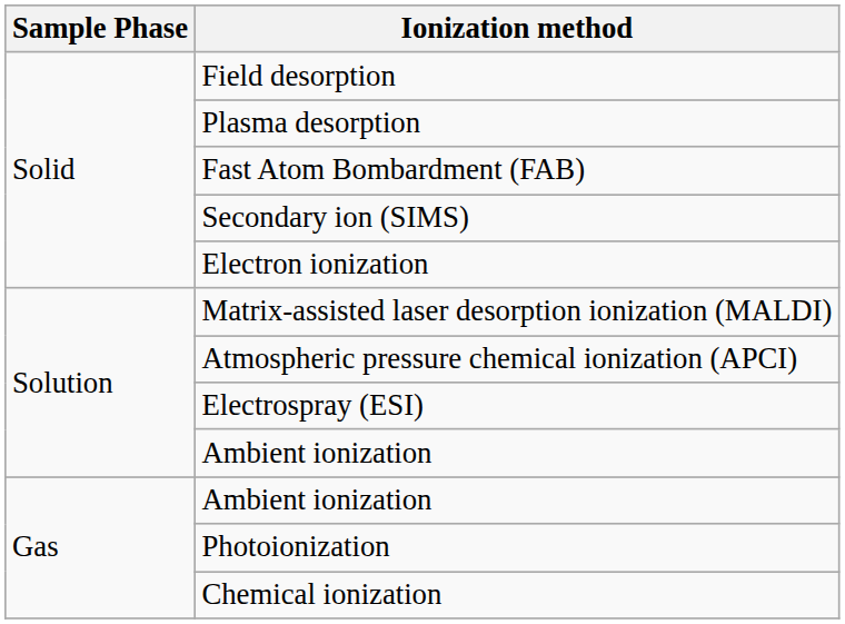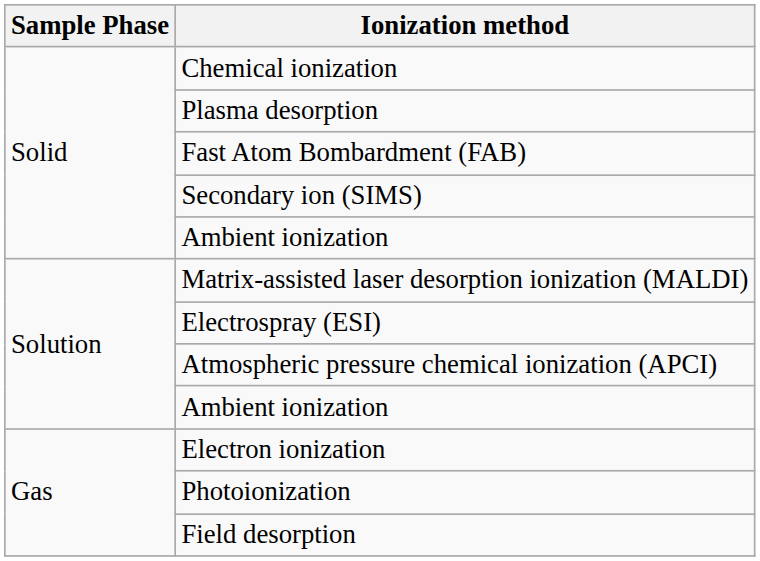 <table class="wikitable floatright">
 <tr>
 <th>Sample Phase</th>
 <th>Ionization method</th>
 </tr>
 <tr>
 <td rowspan=5>Solid</td>
-<td>Field desorption</td>
+<td>Chemical ionization</td>
 </tr>
 <tr>
 <td>Plasma desorption</td>
 </tr>
 <tr>
 <td>Fast Atom Bombardment (FAB)</td>
 </tr>
 <tr>
 <td>Secondary ion (SIMS)</td>
 </tr>
 <tr>
-<td>Electron ionization</td>
+<td>Ambient ionization</td>
 </tr>
 <tr>
 <td rowspan=4>Solution</td>
 <td>Matrix-assisted laser desorption ionization (MALDI)</td>
 </tr>
 <tr>
-<td>Atmospheric pressure chemical ionization (APCI)</td>
+<td>Electrospray (ESI)</td>
 </tr>
 <tr>
-<td>Electrospray (ESI)</td>
+<td>Atmospheric pressure chemical ionization (APCI)</td>
 </tr>
 <tr>
 <td>Ambient ionization</td>
 </tr>
 <tr>
 <td rowspan=3>Gas</td>
-<td>Ambient ionization</td>
+<td>Electron ionization</td>
 </tr>
 <tr>
 <td>Photoionization</td>
 </tr>
 <tr>
-<td>Chemical ionization</td>
+<td>Field desorption</td>
 </tr>
 </table>
